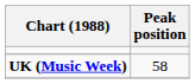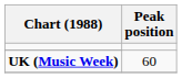 <table class="wikitable">
 <tr>
 <th>Chart (1988)</th>
 <th>Peak<br>position</th>
 </tr>
 <tr>
 <td></td>
 </tr>
 <tr>
 </tr>
 <tr>
 <td><strong>UK (<a href='#'>Music Week</a>)</strong></td>
-<td style="text-align:center;">58</td>
+<td style="text-align:center;">60</td>
 </tr>
 <tr>
 </tr>
 </table>
